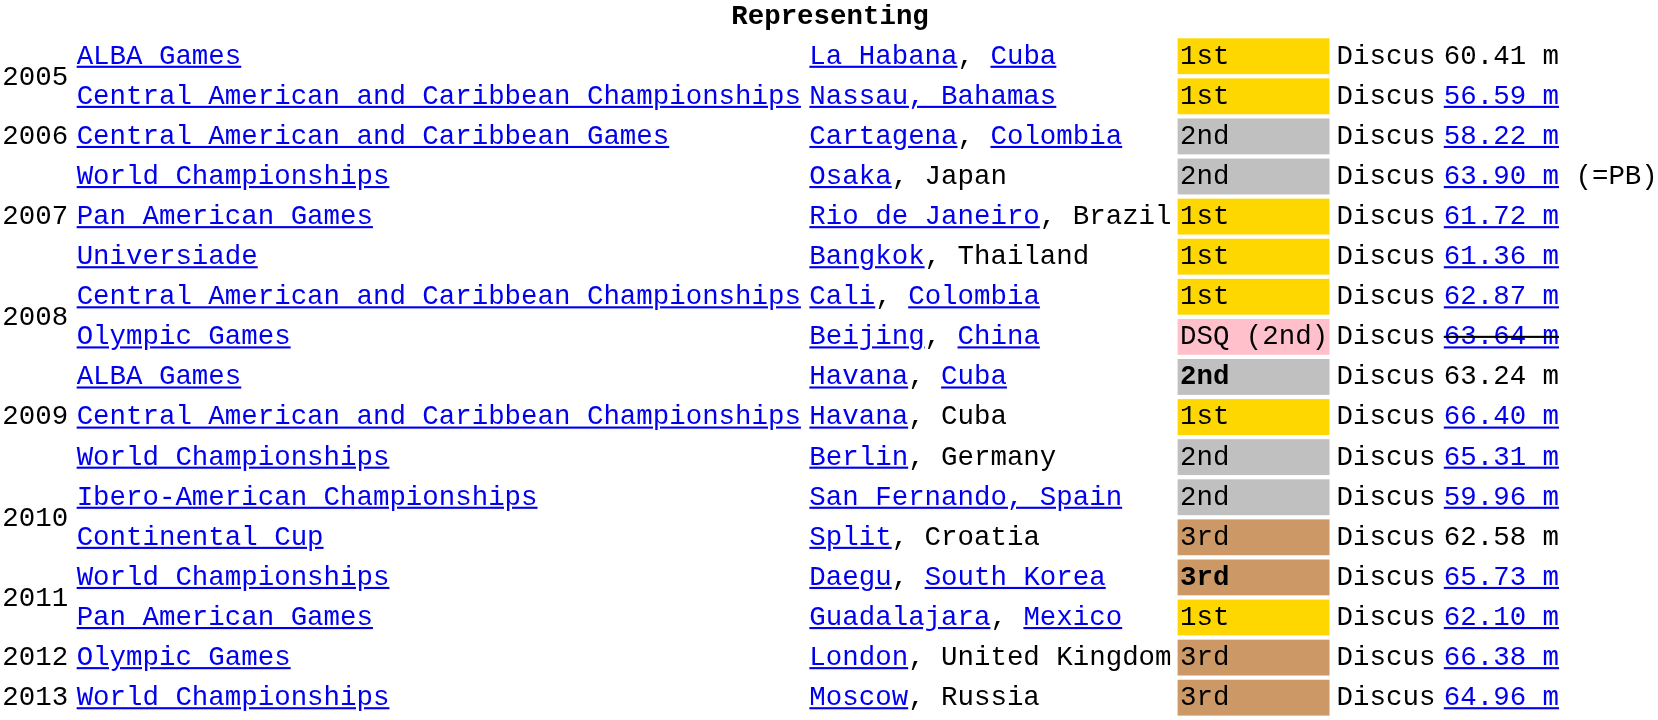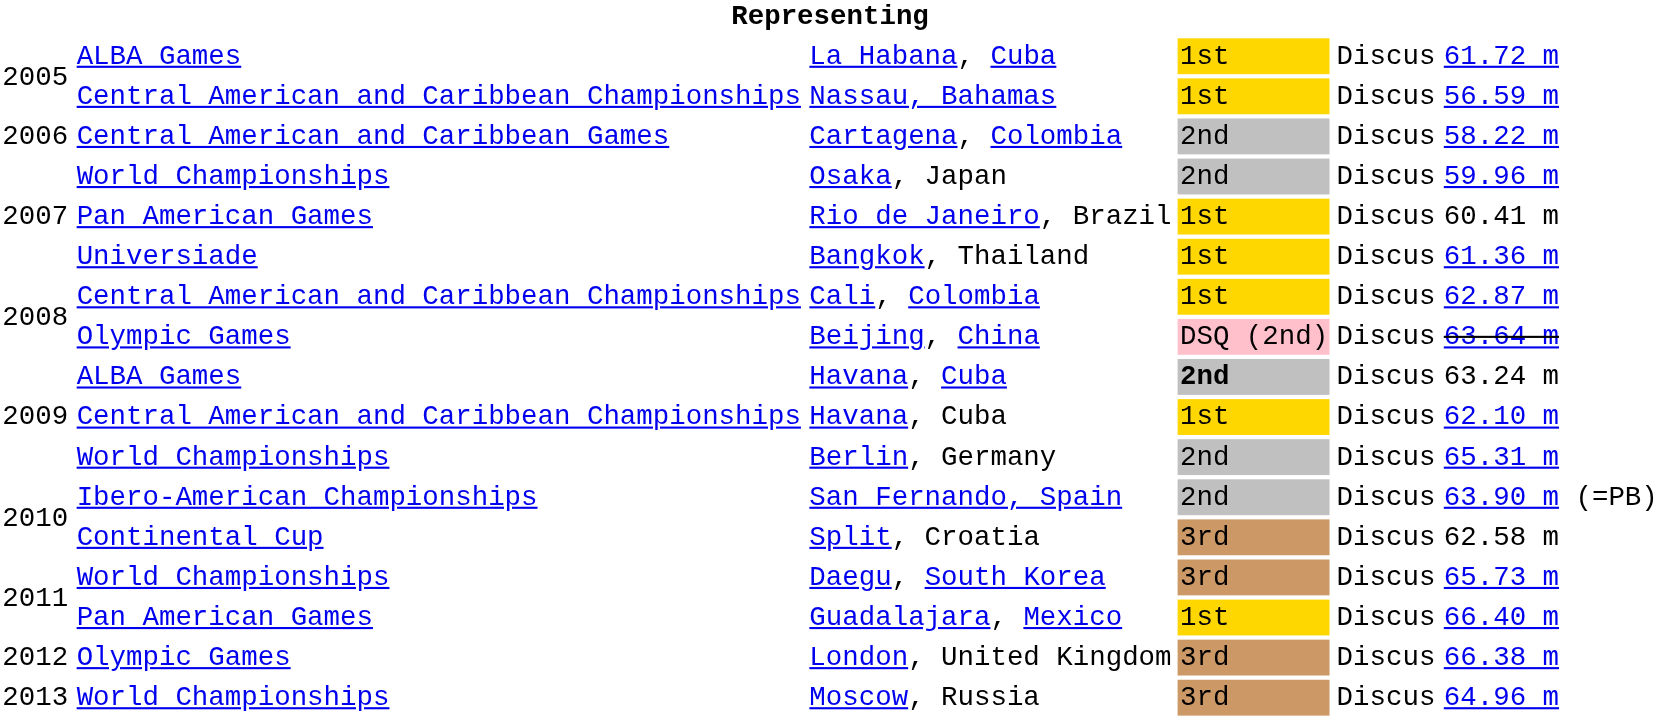 <table>
 <tr>
 <th colspan="6">Representing </th>
 </tr>
 <tr>
 <td rowspan=2>2005</td>
 <td><a href='#'>ALBA Games</a></td>
 <td><a href='#'>La Habana</a>, <a href='#'>Cuba</a></td>
 <td bgcolor=gold>1st</td>
 <td>Discus</td>
-<td>60.41 m</td>
+<td><a href='#'>61.72 m</a></td>
 </tr>
 <tr>
 <td><a href='#'>Central American and Caribbean Championships</a></td>
 <td><a href='#'>Nassau, Bahamas</a></td>
 <td bgcolor="gold">1st</td>
 <td>Discus</td>
 <td><a href='#'>56.59 m</a></td>
 </tr>
 <tr>
 <td>2006</td>
 <td><a href='#'>Central American and Caribbean Games</a></td>
 <td><a href='#'>Cartagena</a>, <a href='#'>Colombia</a></td>
 <td bgcolor="silver">2nd</td>
 <td>Discus</td>
 <td><a href='#'>58.22 m</a></td>
 </tr>
 <tr>
 <td rowspan=3>2007</td>
 <td><a href='#'>World Championships</a></td>
 <td><a href='#'>Osaka</a>, Japan</td>
 <td bgcolor="silver">2nd</td>
 <td>Discus</td>
-<td><a href='#'>63.90 m</a> (=PB)</td>
+<td><a href='#'>59.96 m</a></td>
 </tr>
 <tr>
 <td><a href='#'>Pan American Games</a></td>
 <td><a href='#'>Rio de Janeiro</a>, Brazil</td>
 <td bgcolor="gold">1st</td>
 <td>Discus</td>
-<td><a href='#'>61.72 m</a></td>
+<td>60.41 m</td>
 </tr>
 <tr>
 <td><a href='#'>Universiade</a></td>
 <td><a href='#'>Bangkok</a>, Thailand</td>
 <td bgcolor="gold">1st</td>
 <td>Discus</td>
 <td><a href='#'>61.36 m</a></td>
 </tr>
 <tr>
 <td rowspan=2>2008</td>
 <td><a href='#'>Central American and Caribbean Championships</a></td>
 <td><a href='#'>Cali</a>, <a href='#'>Colombia</a></td>
 <td bgcolor="gold">1st</td>
 <td>Discus</td>
 <td><a href='#'>62.87 m</a></td>
 </tr>
 <tr>
 <td><a href='#'>Olympic Games</a></td>
 <td><a href='#'>Beijing</a>, <a href='#'>China</a></td>
 <td bgcolor=pink>DSQ (2nd)</td>
 <td>Discus</td>
 <td><s><a href='#'>63.64 m</a></s></td>
 </tr>
 <tr>
 <td rowspan=3>2009</td>
 <td><a href='#'>ALBA Games</a></td>
 <td><a href='#'>Havana</a>, <a href='#'>Cuba</a></td>
 <td bgcolor=silver><strong>2nd</strong></td>
 <td>Discus</td>
 <td>63.24 m</td>
 </tr>
 <tr>
 <td><a href='#'>Central American and Caribbean Championships</a></td>
 <td><a href='#'>Havana</a>, Cuba</td>
 <td bgcolor="gold">1st</td>
 <td>Discus</td>
-<td><a href='#'>66.40 m</a></td>
+<td><a href='#'>62.10 m</a></td>
 </tr>
 <tr>
 <td><a href='#'>World Championships</a></td>
 <td><a href='#'>Berlin</a>, Germany</td>
 <td bgcolor="silver">2nd</td>
 <td>Discus</td>
 <td><a href='#'>65.31 m</a></td>
 </tr>
 <tr>
 <td rowspan=2>2010</td>
 <td><a href='#'>Ibero-American Championships</a></td>
 <td><a href='#'>San Fernando, Spain</a></td>
 <td bgcolor="silver">2nd</td>
 <td>Discus</td>
-<td><a href='#'>59.96 m</a></td>
+<td><a href='#'>63.90 m</a> (=PB)</td>
 </tr>
 <tr>
 <td><a href='#'>Continental Cup</a></td>
 <td><a href='#'>Split</a>, Croatia</td>
 <td bgcolor="cc9966">3rd</td>
 <td>Discus</td>
 <td>62.58 m</td>
 </tr>
 <tr>
 <td rowspan=2>2011</td>
 <td><a href='#'>World Championships</a></td>
 <td><a href='#'>Daegu</a>, <a href='#'>South Korea</a></td>
-<td bgcolor=cc9966><strong>3rd</strong></td>
+<td bgcolor=cc9966>3rd</td>
 <td>Discus</td>
 <td><a href='#'>65.73 m</a></td>
 </tr>
 <tr>
 <td><a href='#'>Pan American Games</a></td>
 <td><a href='#'>Guadalajara</a>, <a href='#'>Mexico</a></td>
 <td bgcolor=gold>1st</td>
 <td>Discus</td>
-<td><a href='#'>62.10 m</a></td>
+<td><a href='#'>66.40 m</a></td>
 </tr>
 <tr>
 <td>2012</td>
 <td><a href='#'>Olympic Games</a></td>
 <td><a href='#'>London</a>, United Kingdom</td>
 <td bgcolor=cc9966>3rd</td>
 <td>Discus</td>
 <td><a href='#'>66.38 m</a></td>
 </tr>
 <tr>
 <td>2013</td>
 <td><a href='#'>World Championships</a></td>
 <td><a href='#'>Moscow</a>, Russia</td>
 <td bgcolor=cc9966>3rd</td>
 <td>Discus</td>
 <td><a href='#'>64.96 m</a></td>
 </tr>
 </table>
